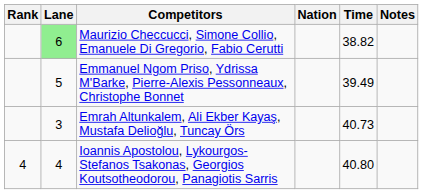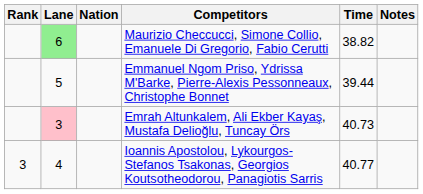 <table class="wikitable sortable" width=80% style="text-align:center; font-size:95%">
 <tr>
 <th>Rank</th>
 <th>Lane</th>
+<th>Nation</th>
 <th>Competitors</th>
-<th>Nation</th>
 <th>Time</th>
 <th>Notes</th>
 </tr>
 <tr>
 <td></td>
 <td style="background: lightgreen;">6</td>
+<td align=left></td>
 <td align=left><a href='#'>Maurizio Checcucci</a>, <a href='#'>Simone Collio</a>, <a href='#'>Emanuele Di Gregorio</a>, <a href='#'>Fabio Cerutti</a></td>
-<td align=left></td>
 <td>38.82</td>
 <td></td>
 </tr>
 <tr>
 <td></td>
 <td>5</td>
+<td align=left></td>
 <td align=left><a href='#'>Emmanuel Ngom Priso</a>, <a href='#'>Ydrissa M'Barke</a>, <a href='#'>Pierre-Alexis Pessonneaux</a>, <a href='#'>Christophe Bonnet</a></td>
-<td align=left></td>
-<td>39.49</td>
+<td>39.44</td>
 <td></td>
 </tr>
 <tr>
 <td></td>
-<td>3</td>
+<td style="background: pink;">3</td>
+<td align=left></td>
 <td align=left><a href='#'>Emrah Altunkalem</a>, <a href='#'>Ali Ekber Kayaş</a>, <a href='#'>Mustafa Delioğlu</a>, <a href='#'>Tuncay Örs</a></td>
-<td align=left></td>
 <td>40.73</td>
 <td></td>
 </tr>
 <tr>
+<td>3</td>
 <td>4</td>
-<td>4</td>
+<td align=left></td>
 <td align=left><a href='#'>Ioannis Apostolou</a>, <a href='#'>Lykourgos-Stefanos Tsakonas</a>, <a href='#'>Georgios Koutsotheodorou</a>, <a href='#'>Panagiotis Sarris</a></td>
-<td align=left></td>
-<td>40.80</td>
+<td>40.77</td>
 <td></td>
 </tr>
 </table>
